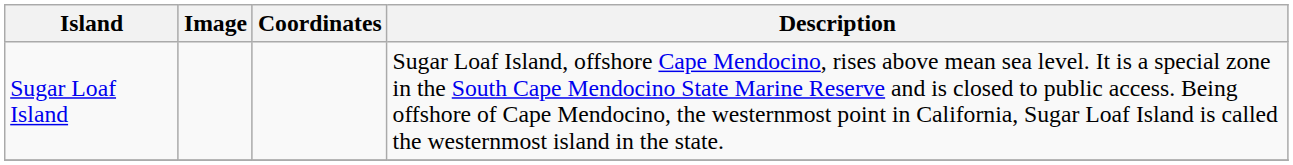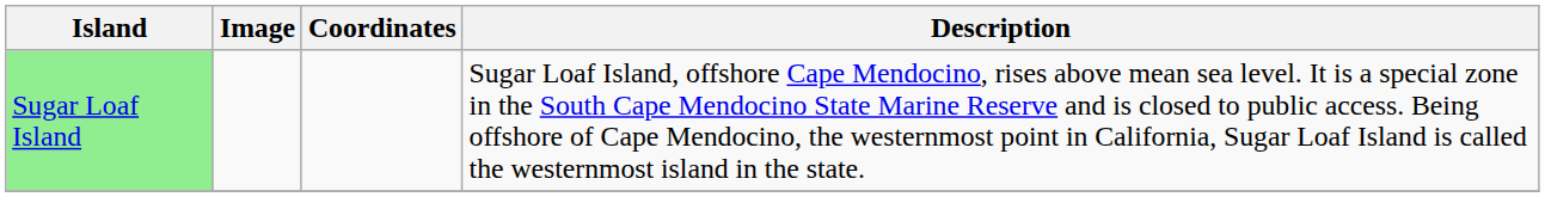 <table class="wikitable">
 <tr>
 <th width=110>Island</th>
 <th>Image</th>
 <th>Coordinates</th>
 <th>Description</th>
 </tr>
 <tr>
-<td><a href='#'>Sugar Loaf Island</a></td>
+<td style="background: lightgreen;"><a href='#'>Sugar Loaf Island</a></td>
 <td></td>
 <td></td>
 <td>Sugar Loaf Island, offshore <a href='#'>Cape Mendocino</a>, rises  above mean sea level.  It is a special zone in the <a href='#'>South Cape Mendocino State Marine Reserve</a> and is closed to public access.  Being offshore of Cape Mendocino, the westernmost point in California, Sugar Loaf Island is called the westernmost island in the state.</td>
 </tr>
 <tr>
 </tr>
 </table>
